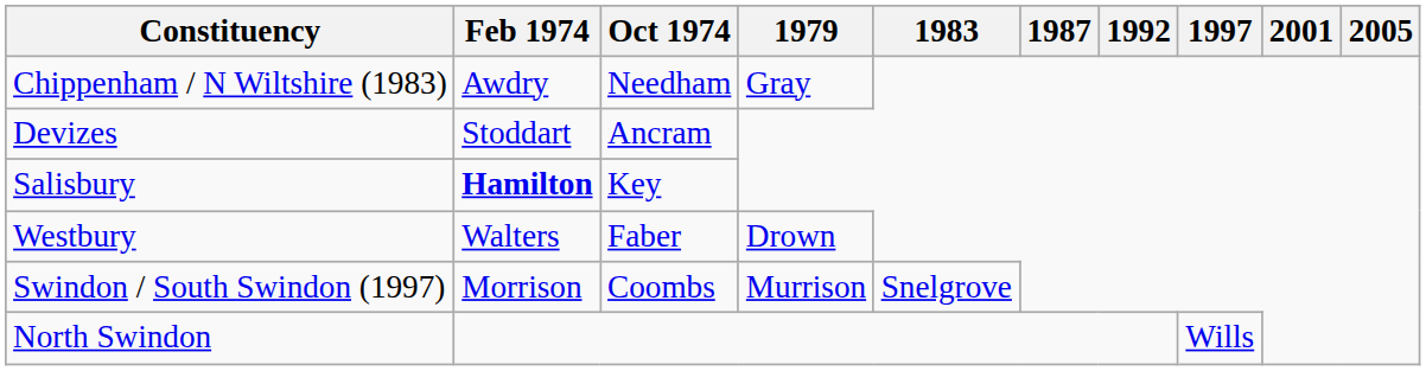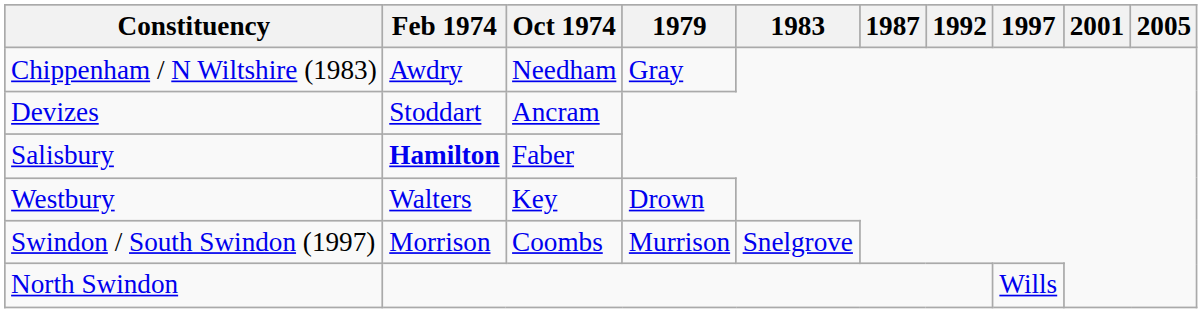 <table class="wikitable">
 <tr>
 <th>Constituency</th>
 <th>Feb 1974</th>
 <th>Oct 1974</th>
 <th>1979</th>
 <th>1983</th>
 <th>1987</th>
 <th>1992</th>
 <th>1997</th>
 <th>2001</th>
 <th>2005</th>
 </tr>
 <tr>
 <td><a href='#'>Chippenham</a> / <a href='#'>N Wiltshire</a> (1983)</td>
 <td><a href='#'>Awdry</a></td>
 <td><a href='#'>Needham</a></td>
 <td><a href='#'>Gray</a></td>
 </tr>
 <tr>
 <td><a href='#'>Devizes</a></td>
 <td><a href='#'>Stoddart</a></td>
 <td><a href='#'>Ancram</a></td>
 </tr>
 <tr>
 <td><a href='#'>Salisbury</a></td>
 <td><strong><a href='#'>Hamilton</a></strong></td>
-<td><a href='#'>Key</a></td>
+<td><a href='#'>Faber</a></td>
 </tr>
 <tr>
 <td><a href='#'>Westbury</a></td>
 <td><a href='#'>Walters</a></td>
-<td><a href='#'>Faber</a></td>
+<td><a href='#'>Key</a></td>
 <td><a href='#'>Drown</a></td>
 </tr>
 <tr>
 <td><a href='#'>Swindon</a> / <a href='#'>South Swindon</a> (1997)</td>
 <td><a href='#'>Morrison</a></td>
 <td><a href='#'>Coombs</a></td>
 <td><a href='#'>Murrison</a></td>
 <td><a href='#'>Snelgrove</a></td>
 </tr>
 <tr>
 <td><a href='#'>North Swindon</a></td>
 <td colspan="6"></td>
 <td><a href='#'>Wills</a></td>
 </tr>
 </table>
